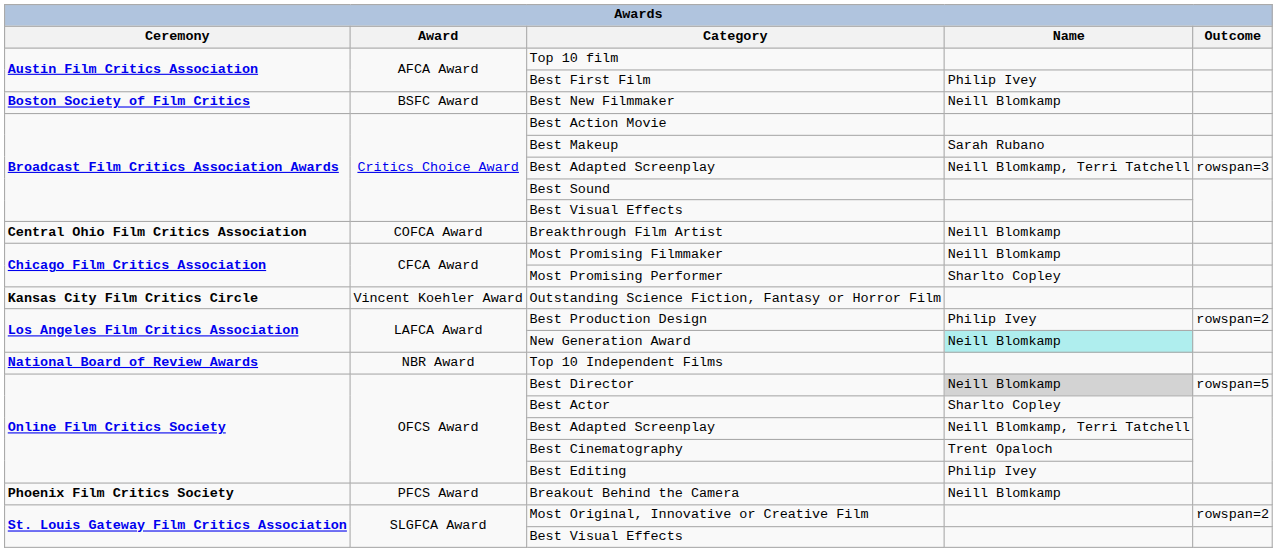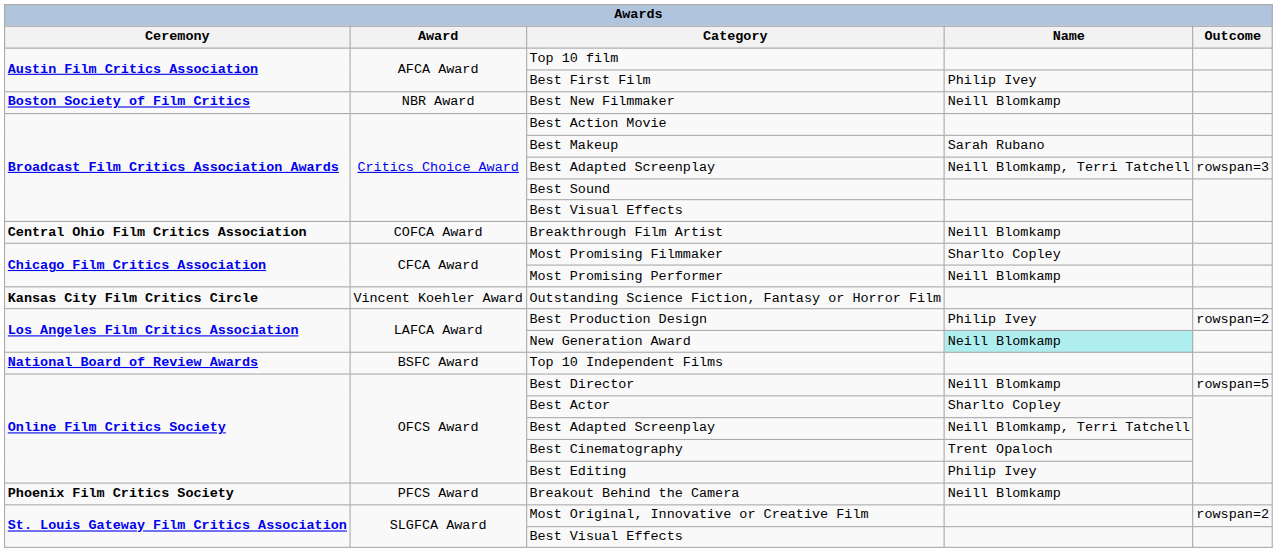 <table class="wikitable" style="font-size:95%">
 <tr style="background:#ccc; text-align:center;">
 <th colspan="5" style="background: LightSteelBlue;">Awards</th>
 </tr>
 <tr style="background:#ccc; text-align:center;">
 <th>Ceremony</th>
 <th>Award</th>
 <th>Category</th>
 <th>Name</th>
 <th>Outcome</th>
 </tr>
 <tr>
 <td rowspan=2><strong><a href='#'>Austin Film Critics Association</a></strong></td>
 <td rowspan=2 style="text-align:center;">AFCA Award</td>
 <td>Top 10 film</td>
 <td></td>
 <td></td>
 </tr>
 <tr>
 <td>Best First Film</td>
 <td>Philip Ivey</td>
 <td></td>
 </tr>
 <tr>
 <td><strong><a href='#'>Boston Society of Film Critics</a></strong></td>
-<td style="text-align:center;">BSFC Award</td>
+<td style="text-align:center;">NBR Award</td>
 <td>Best New Filmmaker</td>
 <td>Neill Blomkamp</td>
 <td></td>
 </tr>
 <tr>
 <td rowspan=5><strong><a href='#'>Broadcast Film Critics Association Awards</a></strong></td>
 <td rowspan=5 style="text-align:center;"><a href='#'>Critics Choice Award</a></td>
 <td>Best Action Movie</td>
 <td></td>
 <td></td>
 </tr>
 <tr>
 <td>Best Makeup</td>
 <td>Sarah Rubano</td>
 <td></td>
 </tr>
 <tr>
 <td>Best Adapted Screenplay</td>
 <td>Neill Blomkamp, Terri Tatchell</td>
 <td>rowspan=3 </td>
 </tr>
 <tr>
 <td>Best Sound</td>
 <td></td>
 </tr>
 <tr>
 <td>Best Visual Effects</td>
 <td></td>
 </tr>
 <tr>
 <td><strong>Central Ohio Film Critics Association</strong></td>
 <td style="text-align:center;">COFCA Award</td>
 <td>Breakthrough Film Artist</td>
 <td>Neill Blomkamp</td>
 <td></td>
 </tr>
 <tr>
 <td rowspan=2><strong><a href='#'>Chicago Film Critics Association</a></strong></td>
 <td rowspan=2 style="text-align:center;">CFCA Award</td>
 <td>Most Promising Filmmaker</td>
-<td>Neill Blomkamp</td>
+<td>Sharlto Copley</td>
 <td></td>
 </tr>
 <tr>
 <td>Most Promising Performer</td>
-<td>Sharlto Copley</td>
+<td>Neill Blomkamp</td>
 <td></td>
 </tr>
 <tr>
 <td><strong>Kansas City Film Critics Circle</strong></td>
 <td style="text-align:center;">Vincent Koehler Award</td>
 <td>Outstanding Science Fiction, Fantasy or Horror Film</td>
 <td></td>
 <td></td>
 </tr>
 <tr>
 <td rowspan=2><strong><a href='#'>Los Angeles Film Critics Association</a></strong></td>
 <td rowspan=2 style="text-align:center;">LAFCA Award</td>
 <td>Best Production Design</td>
 <td>Philip Ivey</td>
 <td>rowspan=2 </td>
 </tr>
 <tr>
 <td>New Generation Award</td>
 <td style="background: paleturquoise;">Neill Blomkamp</td>
 </tr>
 <tr>
 <td><strong><a href='#'>National Board of Review Awards</a></strong></td>
-<td style="text-align:center;">NBR Award</td>
+<td style="text-align:center;">BSFC Award</td>
 <td>Top 10 Independent Films</td>
 <td></td>
 <td></td>
 </tr>
 <tr>
 <td rowspan=5><strong><a href='#'>Online Film Critics Society</a></strong></td>
 <td rowspan=5 style="text-align:center;">OFCS Award</td>
 <td>Best Director</td>
-<td style="background: lightgrey;">Neill Blomkamp</td>
+<td>Neill Blomkamp</td>
 <td>rowspan=5 </td>
 </tr>
 <tr>
 <td>Best Actor</td>
 <td>Sharlto Copley</td>
 </tr>
 <tr>
 <td>Best Adapted Screenplay</td>
 <td>Neill Blomkamp, Terri Tatchell</td>
 </tr>
 <tr>
 <td>Best Cinematography</td>
 <td>Trent Opaloch</td>
 </tr>
 <tr>
 <td>Best Editing</td>
 <td>Philip Ivey</td>
 </tr>
 <tr>
 <td><strong>Phoenix Film Critics Society</strong></td>
 <td style="text-align:center;">PFCS Award</td>
 <td>Breakout Behind the Camera</td>
 <td>Neill Blomkamp</td>
 <td></td>
 </tr>
 <tr>
 <td rowspan=2><strong><a href='#'>St. Louis Gateway Film Critics Association</a></strong></td>
 <td rowspan=2 style="text-align:center;">SLGFCA Award</td>
 <td>Most Original, Innovative or Creative Film</td>
 <td></td>
 <td>rowspan=2 </td>
 </tr>
 <tr>
 <td>Best Visual Effects</td>
 <td></td>
 </tr>
 </table>
